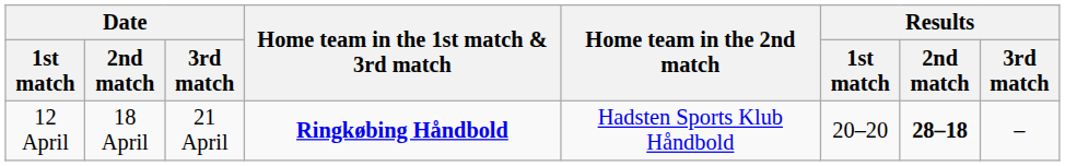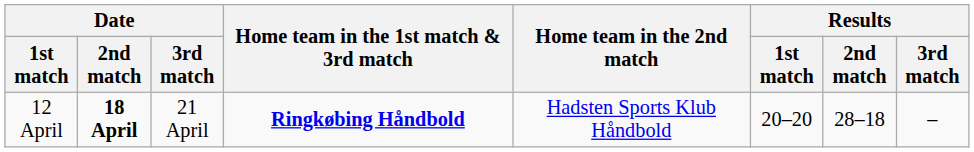 <table class="wikitable" style="text-align:center; margin-left:1em;">
 <tr>
 <th colspan="3">Date</th>
 <th rowspan="2" style="width:220px;">Home team in the 1st match & 3rd match</th>
 <th rowspan="2" style="width:180px;">Home team in the 2nd match</th>
 <th colspan="3">Results</th>
 </tr>
 <tr>
 <th style="width:50px;">1st match</th>
 <th style="width:50px;">2nd match</th>
 <th style="width:50px;">3rd match</th>
 <th style="width:50px;">1st match</th>
 <th style="width:50px;">2nd match</th>
 <th style="width:50px;">3rd match</th>
 </tr>
 <tr>
 <td>12 April</td>
-<td>18 April</td>
+<td><strong>18 April</strong></td>
 <td>21 April</td>
 <td><strong><a href='#'>Ringkøbing Håndbold</a></strong></td>
 <td><a href='#'>Hadsten Sports Klub Håndbold</a></td>
 <td>20–20</td>
-<td><strong>28–18</strong></td>
+<td>28–18</td>
 <td>–</td>
 </tr>
 </table>
